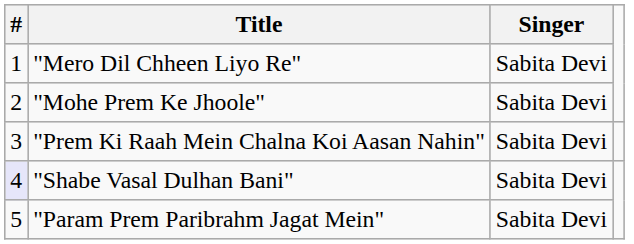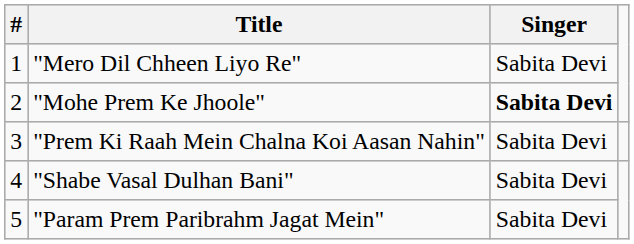 <table class="wikitable" style="font-size:95%;">
 <tr>
 <th>#</th>
 <th>Title</th>
 <th>Singer</th>
 </tr>
 <tr>
 <td>1</td>
 <td>"Mero Dil Chheen Liyo Re"</td>
 <td>Sabita Devi</td>
 </tr>
 <tr>
 <td>2</td>
 <td>"Mohe Prem Ke Jhoole"</td>
-<td>Sabita Devi</td>
+<td><strong>Sabita Devi</strong></td>
 </tr>
 <tr>
 <td>3</td>
 <td>"Prem Ki Raah Mein Chalna Koi Aasan Nahin"</td>
 <td>Sabita Devi</td>
 <td></td>
 </tr>
 <tr>
-<td style="background: lavender;">4</td>
+<td>4</td>
 <td>"Shabe Vasal Dulhan Bani"</td>
 <td>Sabita Devi</td>
 </tr>
 <tr>
 <td>5</td>
 <td>"Param Prem Paribrahm Jagat Mein"</td>
 <td>Sabita Devi</td>
 </tr>
 </table>
